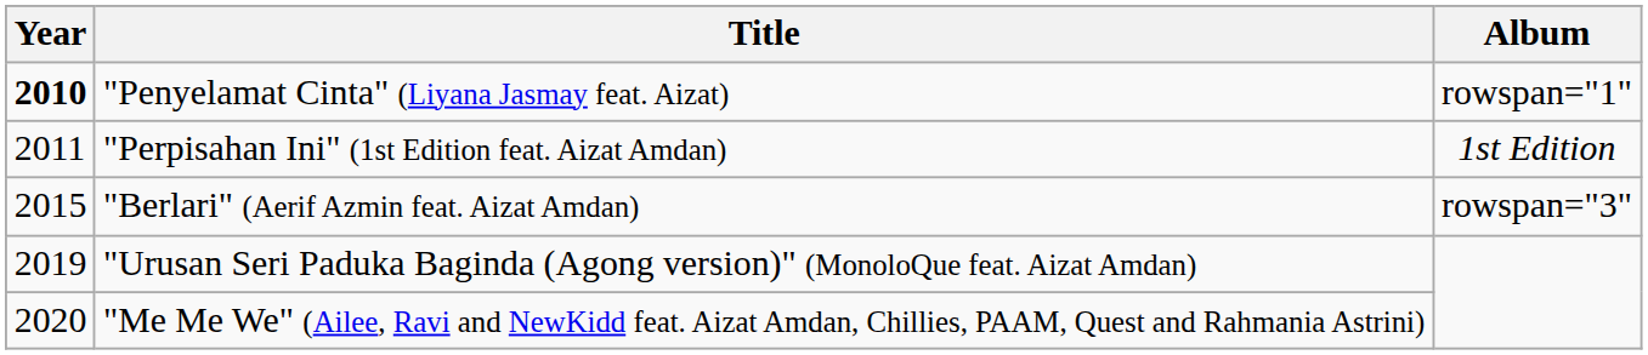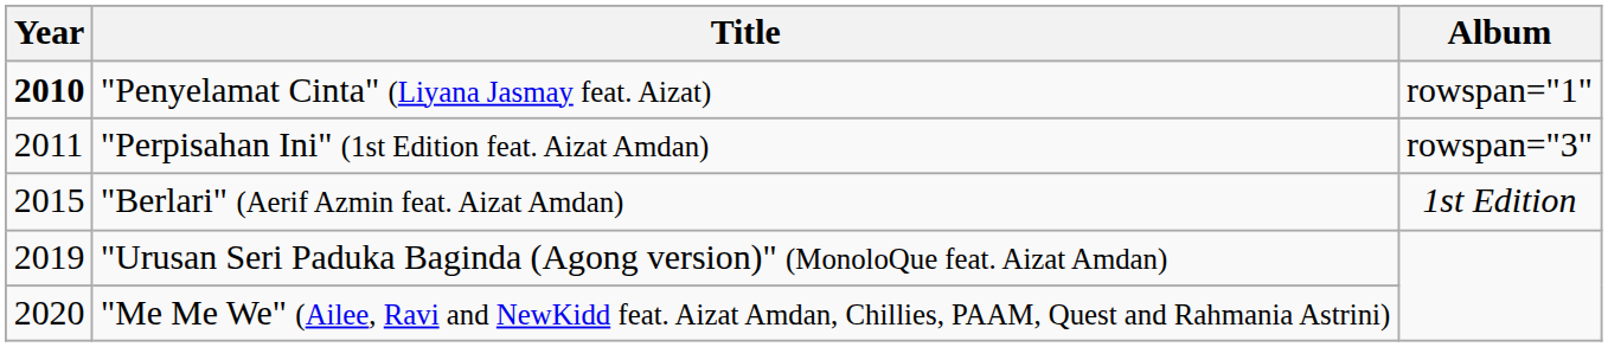 <table class="wikitable">
 <tr>
 <th>Year</th>
 <th>Title</th>
 <th>Album</th>
 </tr>
 <tr>
 <td><strong>2010</strong></td>
 <td>"Penyelamat Cinta" <small>(<a href='#'>Liyana Jasmay</a> feat. Aizat)</small></td>
 <td>rowspan="1" </td>
 </tr>
 <tr>
 <td>2011</td>
 <td>"Perpisahan Ini" <small>(1st Edition feat. Aizat Amdan)</small></td>
-<td rowspan="1" style="text-align:center;"><em>1st Edition</em></td>
+<td>rowspan="3" </td>
 </tr>
 <tr>
 <td>2015</td>
 <td>"Berlari" <small>(Aerif Azmin feat. Aizat Amdan)</small></td>
-<td>rowspan="3" </td>
+<td rowspan="1" style="text-align:center;"><em>1st Edition</em></td>
 </tr>
 <tr>
 <td>2019</td>
 <td>"Urusan Seri Paduka Baginda (Agong version)" <small>(MonoloQue feat. Aizat Amdan)</small></td>
 </tr>
 <tr>
 <td>2020</td>
 <td>"Me Me We" <small>(<a href='#'>Ailee</a>, <a href='#'>Ravi</a> and <a href='#'>NewKidd</a> feat. Aizat Amdan, Chillies, PAAM, Quest and Rahmania Astrini)</small></td>
 </tr>
 </table>
